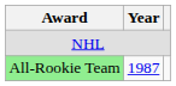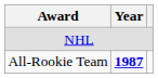 <table class="wikitable">
 <tr>
 <th>Award</th>
 <th>Year</th>
 <th></th>
 </tr>
 <tr ALIGN="center" bgcolor="#e0e0e0">
 <td colspan="3"><a href='#'>NHL</a></td>
 </tr>
 <tr>
-<td style="background: lightgreen;">All-Rookie Team</td>
-<td><a href='#'>1987</a></td>
+<td>All-Rookie Team</td>
+<td><strong><a href='#'>1987</a></strong></td>
 <td></td>
 </tr>
 </table>
